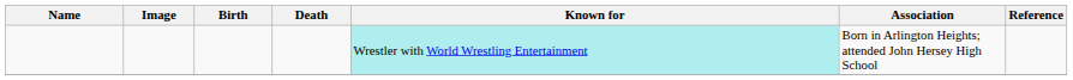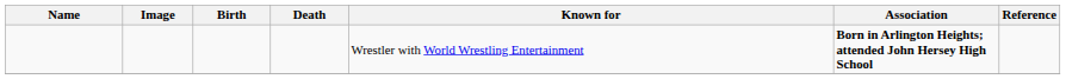 <table class="wikitable sortable">
 <tr>
 <th scope="col" width="140">Name</th>
 <th scope="col" width="80" class="unsortable">Image</th>
 <th scope="col" width="90">Birth</th>
 <th scope="col" width="90">Death</th>
 <th scope="col" width="600" class="unsortable">Known for</th>
 <th scope="col" width="200" class="unsortable">Association</th>
 <th scope="col" width="30" class="unsortable">Reference</th>
 </tr>
 <tr>
 <td></td>
 <td></td>
 <td align=right></td>
 <td></td>
-<td style="background: paleturquoise;">Wrestler with <a href='#'>World Wrestling Entertainment</a></td>
-<td>Born in Arlington Heights; attended John Hersey High School</td>
+<td>Wrestler with <a href='#'>World Wrestling Entertainment</a></td>
+<td><strong>Born in Arlington Heights; attended John Hersey High School</strong></td>
 <td align="center"></td>
 </tr>
 <tr>
 </tr>
 </table>
